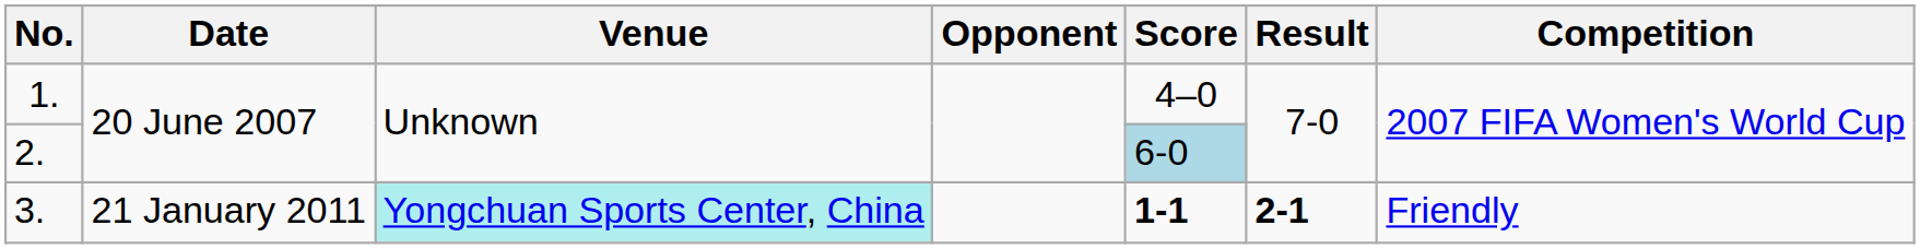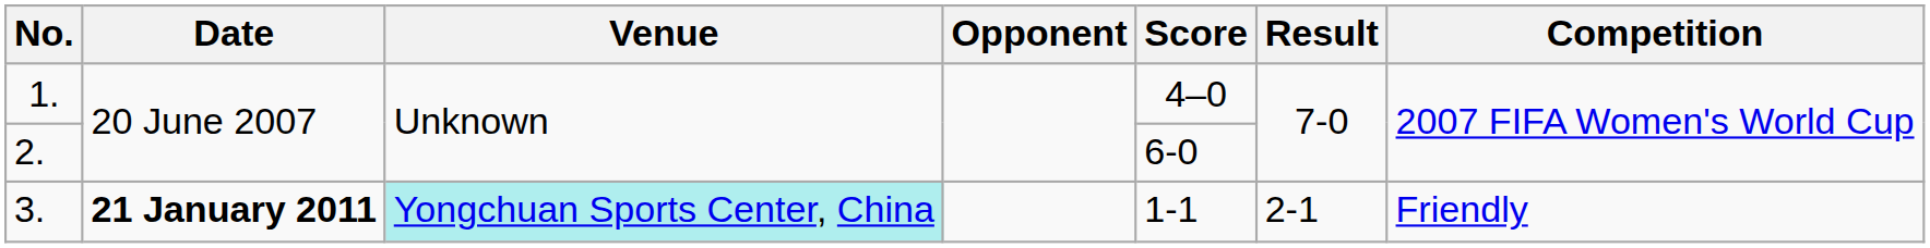 <table class="wikitable">
 <tr>
 <th scope="col">No.</th>
 <th scope="col">Date</th>
 <th scope="col">Venue</th>
 <th scope="col">Opponent</th>
 <th scope="col">Score</th>
 <th scope="col">Result</th>
 <th scope="col">Competition</th>
 </tr>
 <tr>
 <td align=center>1.</td>
 <td rowspan="2">20 June 2007</td>
 <td rowspan="2">Unknown</td>
 <td rowspan="2"></td>
 <td align=center>4–0</td>
 <td rowspan="2" align="center">7-0</td>
 <td rowspan="2"><a href='#'>2007 FIFA Women's World Cup</a></td>
 </tr>
 <tr>
 <td>2.</td>
-<td style="background: lightblue;">6-0</td>
+<td>6-0</td>
 </tr>
 <tr>
 <td>3.</td>
-<td>21 January 2011</td>
+<td><strong>21 January 2011</strong></td>
 <td style="background: paleturquoise;"><a href='#'>Yongchuan Sports Center</a>, <a href='#'>China</a></td>
 <td></td>
-<td><strong>1-1</strong></td>
-<td><strong>2-1</strong></td>
+<td>1-1</td>
+<td>2-1</td>
 <td><a href='#'>Friendly</a></td>
 </tr>
 </table>
